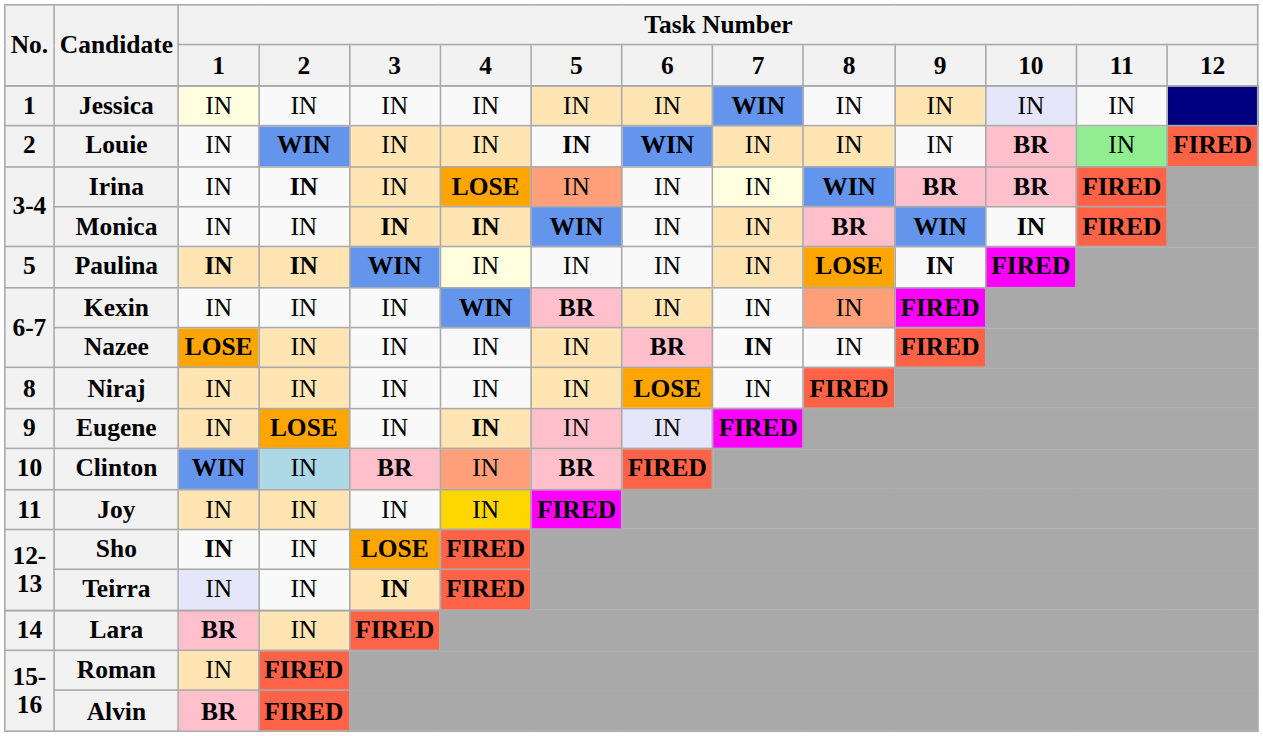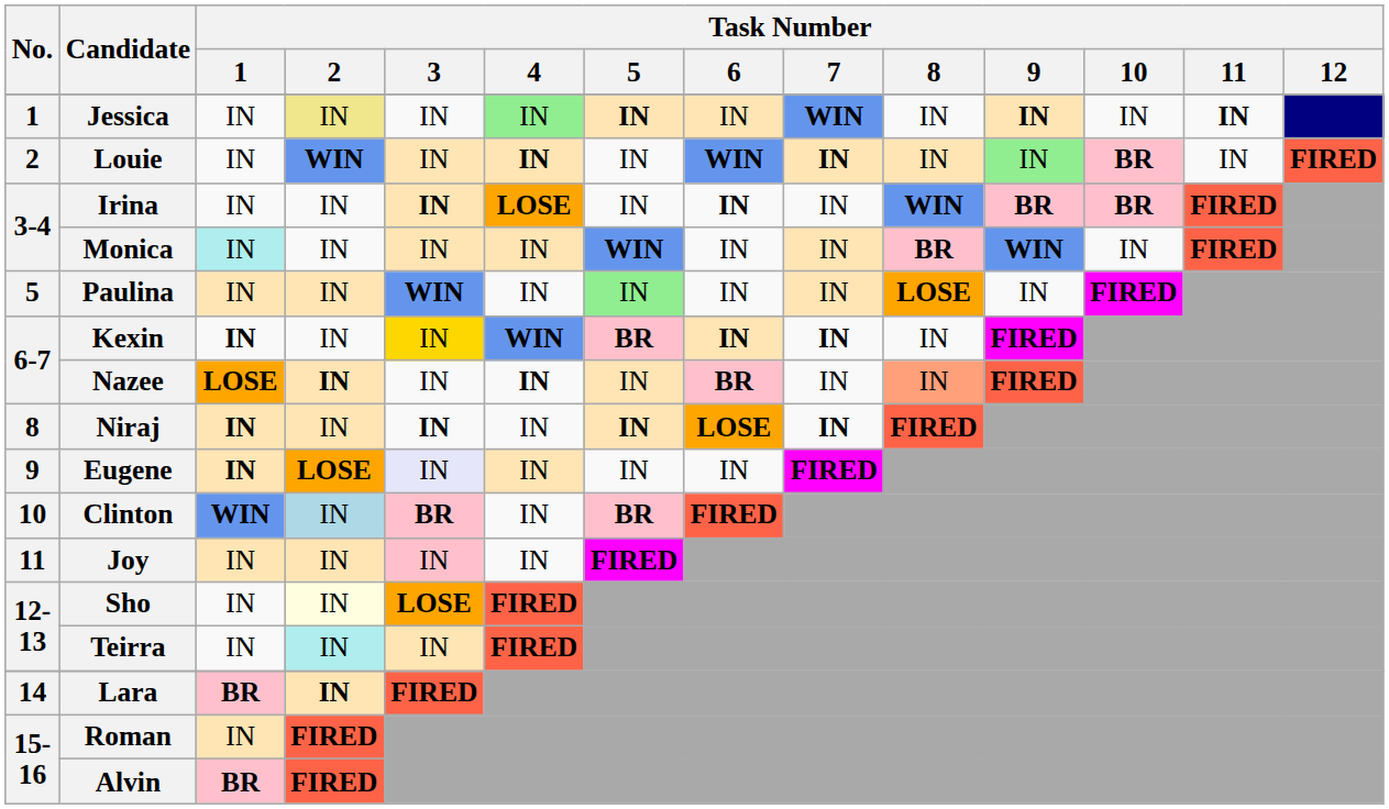 <table class="wikitable" style="text-align:center">
 <tr>
 <th rowspan="2">No.</th>
 <th rowspan="2">Candidate</th>
 <th colspan="13">Task Number</th>
 </tr>
 <tr>
 <th>1</th>
 <th>2</th>
 <th>3</th>
 <th>4</th>
 <th>5</th>
 <th>6</th>
 <th>7</th>
 <th>8</th>
 <th>9</th>
 <th>10</th>
 <th>11</th>
 <th>12</th>
 </tr>
 <tr>
 </tr>
 <tr>
 <th>1</th>
 <th>Jessica</th>
-<td style="background: lightyellow;">IN</td>
 <td>IN</td>
+<td style="background: khaki;">IN</td>
 <td>IN</td>
-<td>IN</td>
-<td bgcolor="#FFE5B4">IN</td>
+<td style="background: lightgreen;">IN</td>
+<td bgcolor="#FFE5B4"><strong>IN</strong></td>
 <td bgcolor="#FFE5B4">IN</td>
 <th style="background:cornflowerblue;">WIN</th>
 <td>IN</td>
-<td bgcolor="#FFE5B4">IN</td>
-<td style="background: lavender;">IN</td>
+<td bgcolor="#FFE5B4"><strong>IN</strong></td>
 <td>IN</td>
+<td><strong>IN</strong></td>
 <th style="background:navy;"></th>
 </tr>
 <tr>
 <th>2</th>
 <th>Louie</th>
 <td>IN</td>
 <th style="background:cornflowerblue;">WIN</th>
 <td bgcolor="#FFE5B4">IN</td>
+<td bgcolor="#FFE5B4"><strong>IN</strong></td>
+<td>IN</td>
+<th style="background:cornflowerblue;">WIN</th>
+<td bgcolor="#FFE5B4"><strong>IN</strong></td>
 <td bgcolor="#FFE5B4">IN</td>
-<td><strong>IN</strong></td>
-<th style="background:cornflowerblue;">WIN</th>
-<td bgcolor="#FFE5B4">IN</td>
-<td bgcolor="#FFE5B4">IN</td>
+<td style="background: lightgreen;">IN</td>
+<th style="background:pink;">BR</th>
 <td>IN</td>
-<th style="background:pink;">BR</th>
-<td style="background: lightgreen;">IN</td>
 <th style="background:tomato;">FIRED</th>
 </tr>
 <tr>
 <th rowspan="2">3-4</th>
 <th>Irina</th>
 <td>IN</td>
+<td>IN</td>
+<td bgcolor="#FFE5B4"><strong>IN</strong></td>
+<th style="background:orange;">LOSE</th>
+<td>IN</td>
 <td><strong>IN</strong></td>
-<td bgcolor="#FFE5B4">IN</td>
-<th style="background:orange;">LOSE</th>
-<td style="background: lightsalmon;">IN</td>
 <td>IN</td>
-<td style="background: lightyellow;">IN</td>
 <th style="background:cornflowerblue;">WIN</th>
 <th style="background:pink;">BR</th>
 <th style="background:pink;">BR</th>
 <th style="background:tomato;">FIRED</th>
 <td colspan="5" style="background:darkgray;"></td>
 </tr>
 <tr>
 <th>Monica</th>
+<td style="background: paleturquoise;">IN</td>
 <td>IN</td>
-<td>IN</td>
-<td bgcolor="#FFE5B4"><strong>IN</strong></td>
-<td bgcolor="#FFE5B4"><strong>IN</strong></td>
+<td bgcolor="#FFE5B4">IN</td>
+<td bgcolor="#FFE5B4">IN</td>
 <th style="background:cornflowerblue;">WIN</th>
 <td>IN</td>
 <td bgcolor="#FFE5B4">IN</td>
 <th style="background:pink;">BR</th>
 <th style="background:cornflowerblue;">WIN</th>
-<td><strong>IN</strong></td>
+<td>IN</td>
 <th style="background:tomato;">FIRED</th>
 <td colspan="3" style="background:darkgray;"></td>
 </tr>
 <tr>
 <th>5</th>
 <th>Paulina</th>
-<td bgcolor="#FFE5B4"><strong>IN</strong></td>
-<td bgcolor="#FFE5B4"><strong>IN</strong></td>
+<td bgcolor="#FFE5B4">IN</td>
+<td bgcolor="#FFE5B4">IN</td>
 <th style="background:cornflowerblue;">WIN</th>
-<td style="background: lightyellow;">IN</td>
 <td>IN</td>
+<td style="background: lightgreen;">IN</td>
 <td>IN</td>
 <td bgcolor="#FFE5B4">IN</td>
 <th style="background:orange;">LOSE</th>
-<td><strong>IN</strong></td>
+<td>IN</td>
 <td style="background:magenta;"><strong>FIRED</strong></td>
 <td colspan="4" style="background:darkgray;"></td>
 </tr>
 <tr>
 <th rowspan="2">6-7</th>
 <th>Kexin</th>
+<td><strong>IN</strong></td>
 <td>IN</td>
-<td>IN</td>
-<td>IN</td>
+<td style="background: gold;">IN</td>
 <th style="background:cornflowerblue;">WIN</th>
 <th style="background:pink;">BR</th>
-<td bgcolor="#FFE5B4">IN</td>
+<td bgcolor="#FFE5B4"><strong>IN</strong></td>
+<td><strong>IN</strong></td>
 <td>IN</td>
-<td style="background: lightsalmon;">IN</td>
 <td style="background:magenta;"><strong>FIRED</strong></td>
 <td colspan="5" style="background:darkgray;"></td>
 </tr>
 <tr>
 <th>Nazee</th>
 <th style="background:orange;">LOSE</th>
-<td bgcolor="#FFE5B4">IN</td>
+<td bgcolor="#FFE5B4"><strong>IN</strong></td>
 <td>IN</td>
-<td>IN</td>
+<td><strong>IN</strong></td>
 <td bgcolor="#FFE5B4">IN</td>
 <th style="background:pink;">BR</th>
-<td><strong>IN</strong></td>
 <td>IN</td>
+<td style="background: lightsalmon;">IN</td>
 <th style="background:tomato;">FIRED</th>
 <td colspan="5" style="background:darkgray;"></td>
 </tr>
 <tr>
 <th>8</th>
 <th>Niraj</th>
+<td bgcolor="#FFE5B4"><strong>IN</strong></td>
 <td bgcolor="#FFE5B4">IN</td>
-<td bgcolor="#FFE5B4">IN</td>
+<td><strong>IN</strong></td>
 <td>IN</td>
-<td>IN</td>
-<td bgcolor="#FFE5B4">IN</td>
+<td bgcolor="#FFE5B4"><strong>IN</strong></td>
 <th style="background:orange;">LOSE</th>
-<td>IN</td>
+<td><strong>IN</strong></td>
 <th style="background:tomato;">FIRED</th>
 <td colspan="6" style="background:darkgray;"></td>
 </tr>
 <tr>
 <th>9</th>
 <th>Eugene</th>
+<td bgcolor="#FFE5B4"><strong>IN</strong></td>
+<th style="background:orange;">LOSE</th>
+<td style="background: lavender;">IN</td>
 <td bgcolor="#FFE5B4">IN</td>
-<th style="background:orange;">LOSE</th>
 <td>IN</td>
-<td bgcolor="#FFE5B4"><strong>IN</strong></td>
-<td style="background: pink;">IN</td>
-<td style="background: lavender;">IN</td>
+<td>IN</td>
 <td style="background:magenta;"><strong>FIRED</strong></td>
 <td colspan="7" style="background:darkgray;"></td>
 </tr>
 <tr>
 <th>10</th>
 <th>Clinton</th>
 <th style="background:cornflowerblue;">WIN</th>
 <td style="background: lightblue;">IN</td>
 <th style="background:pink;">BR</th>
-<td style="background: lightsalmon;">IN</td>
+<td>IN</td>
 <th style="background:pink;">BR</th>
 <th style="background:tomato;">FIRED</th>
 <td colspan="8" style="background:darkgray;"></td>
 </tr>
 <tr>
 <th>11</th>
 <th>Joy</th>
 <td bgcolor="#FFE5B4">IN</td>
 <td bgcolor="#FFE5B4">IN</td>
+<td style="background: pink;">IN</td>
 <td>IN</td>
-<td style="background: gold;">IN</td>
 <th style="background:magenta;">FIRED</th>
 <td colspan="9" style="background:darkgray;"></td>
 </tr>
 <tr>
 <th rowspan="2">12-13</th>
 <th>Sho</th>
-<td><strong>IN</strong></td>
 <td>IN</td>
+<td style="background: lightyellow;">IN</td>
 <th style="background:orange;">LOSE</th>
 <th style="background:tomato;">FIRED</th>
 <td colspan="10" style="background:darkgray;"></td>
 </tr>
 <tr>
 <th>Teirra</th>
-<td style="background: lavender;">IN</td>
 <td>IN</td>
-<td bgcolor="#FFE5B4"><strong>IN</strong></td>
+<td style="background: paleturquoise;">IN</td>
+<td bgcolor="#FFE5B4">IN</td>
 <th style="background:tomato;">FIRED</th>
 <td colspan="10" style="background:darkgray;"></td>
 </tr>
 <tr>
 </tr>
 <tr>
 <th>14</th>
 <th>Lara</th>
 <th style="background:pink;">BR</th>
-<td bgcolor="#FFE5B4">IN</td>
+<td bgcolor="#FFE5B4"><strong>IN</strong></td>
 <th style="background:tomato;">FIRED</th>
 <td colspan="11" style="background:darkgray;"></td>
 </tr>
 <tr>
 <th rowspan="2">15-16</th>
 <th>Roman</th>
 <td bgcolor="#FFE5B4">IN</td>
 <th style="background:tomato;">FIRED</th>
 <td colspan="12" style="background:darkgray;"></td>
 </tr>
 <tr>
 <th>Alvin</th>
 <th style="background:pink;">BR</th>
 <th style="background:tomato;">FIRED</th>
 <td colspan="12" style="background:darkgray;"></td>
 </tr>
 <tr>
 </tr>
 </table>
